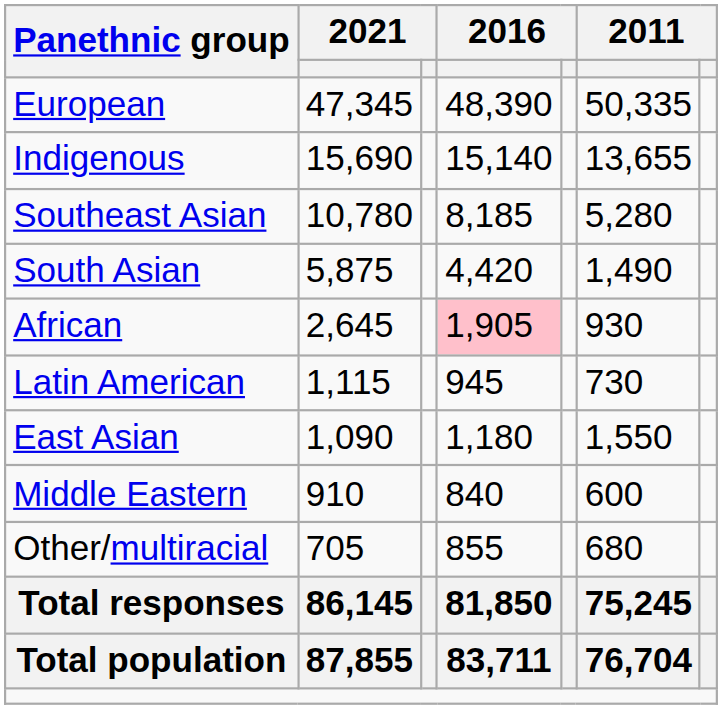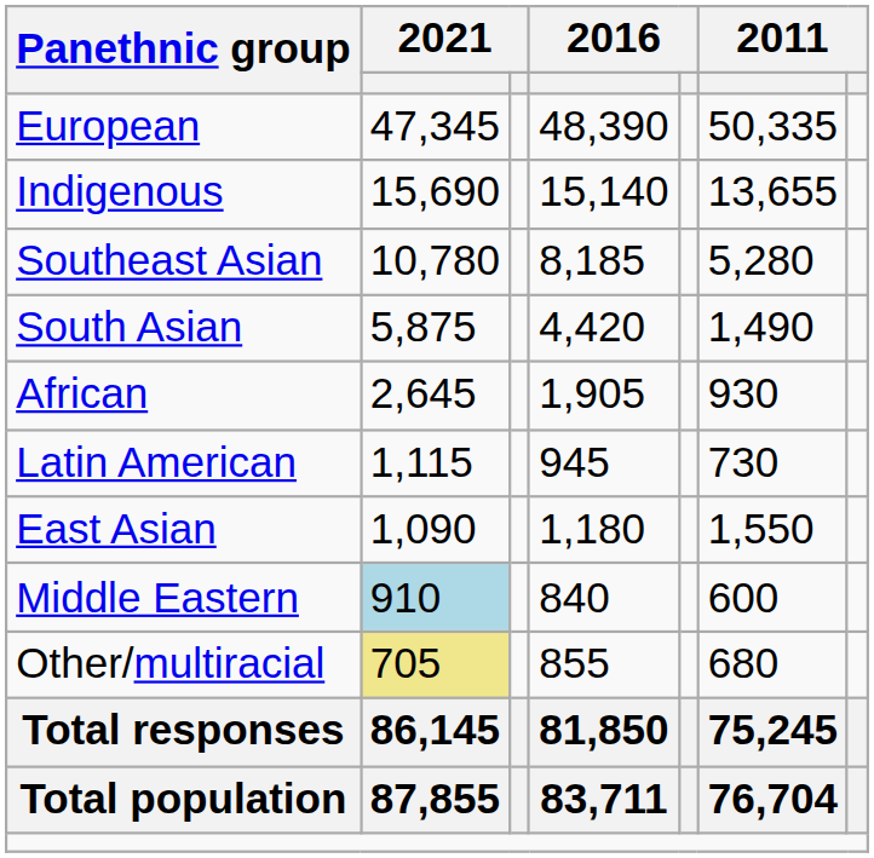 <table class="wikitable collapsible sortable">
 <tr>
 <th rowspan="2"><a href='#'>Panethnic</a> group</th>
 <th colspan="2">2021</th>
 <th colspan="2">2016</th>
 <th colspan="2">2011</th>
 </tr>
 <tr>
 <th><a href='#'></a></th>
 <th></th>
 <th></th>
 <th></th>
 <th></th>
 <th></th>
 </tr>
 <tr>
 <td><a href='#'>European</a></td>
 <td>47,345</td>
 <td></td>
 <td>48,390</td>
 <td></td>
 <td>50,335</td>
 <td></td>
 </tr>
 <tr>
 <td><a href='#'>Indigenous</a></td>
 <td>15,690</td>
 <td></td>
 <td>15,140</td>
 <td></td>
 <td>13,655</td>
 <td></td>
 </tr>
 <tr>
 <td><a href='#'>Southeast Asian</a></td>
 <td>10,780</td>
 <td></td>
 <td>8,185</td>
 <td></td>
 <td>5,280</td>
 <td></td>
 </tr>
 <tr>
 <td><a href='#'>South Asian</a></td>
 <td>5,875</td>
 <td></td>
 <td>4,420</td>
 <td></td>
 <td>1,490</td>
 <td></td>
 </tr>
 <tr>
 <td><a href='#'>African</a></td>
 <td>2,645</td>
 <td></td>
-<td style="background: pink;">1,905</td>
+<td>1,905</td>
 <td></td>
 <td>930</td>
 <td></td>
 </tr>
 <tr>
 <td><a href='#'>Latin American</a></td>
 <td>1,115</td>
 <td></td>
 <td>945</td>
 <td></td>
 <td>730</td>
 <td></td>
 </tr>
 <tr>
 <td><a href='#'>East Asian</a></td>
 <td>1,090</td>
 <td></td>
 <td>1,180</td>
 <td></td>
 <td>1,550</td>
 <td></td>
 </tr>
 <tr>
 <td><a href='#'>Middle Eastern</a></td>
-<td>910</td>
+<td style="background: lightblue;">910</td>
 <td></td>
 <td>840</td>
 <td></td>
 <td>600</td>
 <td></td>
 </tr>
 <tr>
 <td>Other/<a href='#'>multiracial</a></td>
-<td>705</td>
+<td style="background: khaki;">705</td>
 <td></td>
 <td>855</td>
 <td></td>
 <td>680</td>
 <td></td>
 </tr>
 <tr>
 <th>Total responses</th>
 <th>86,145</th>
 <th></th>
 <th>81,850</th>
 <th></th>
 <th>75,245</th>
 <th></th>
 </tr>
 <tr class="sortbottom">
 <th>Total population</th>
 <th>87,855</th>
 <th></th>
 <th>83,711</th>
 <th></th>
 <th>76,704</th>
 <th></th>
 </tr>
 <tr class="sortbottom">
 <td colspan="15"></td>
 </tr>
 </table>
